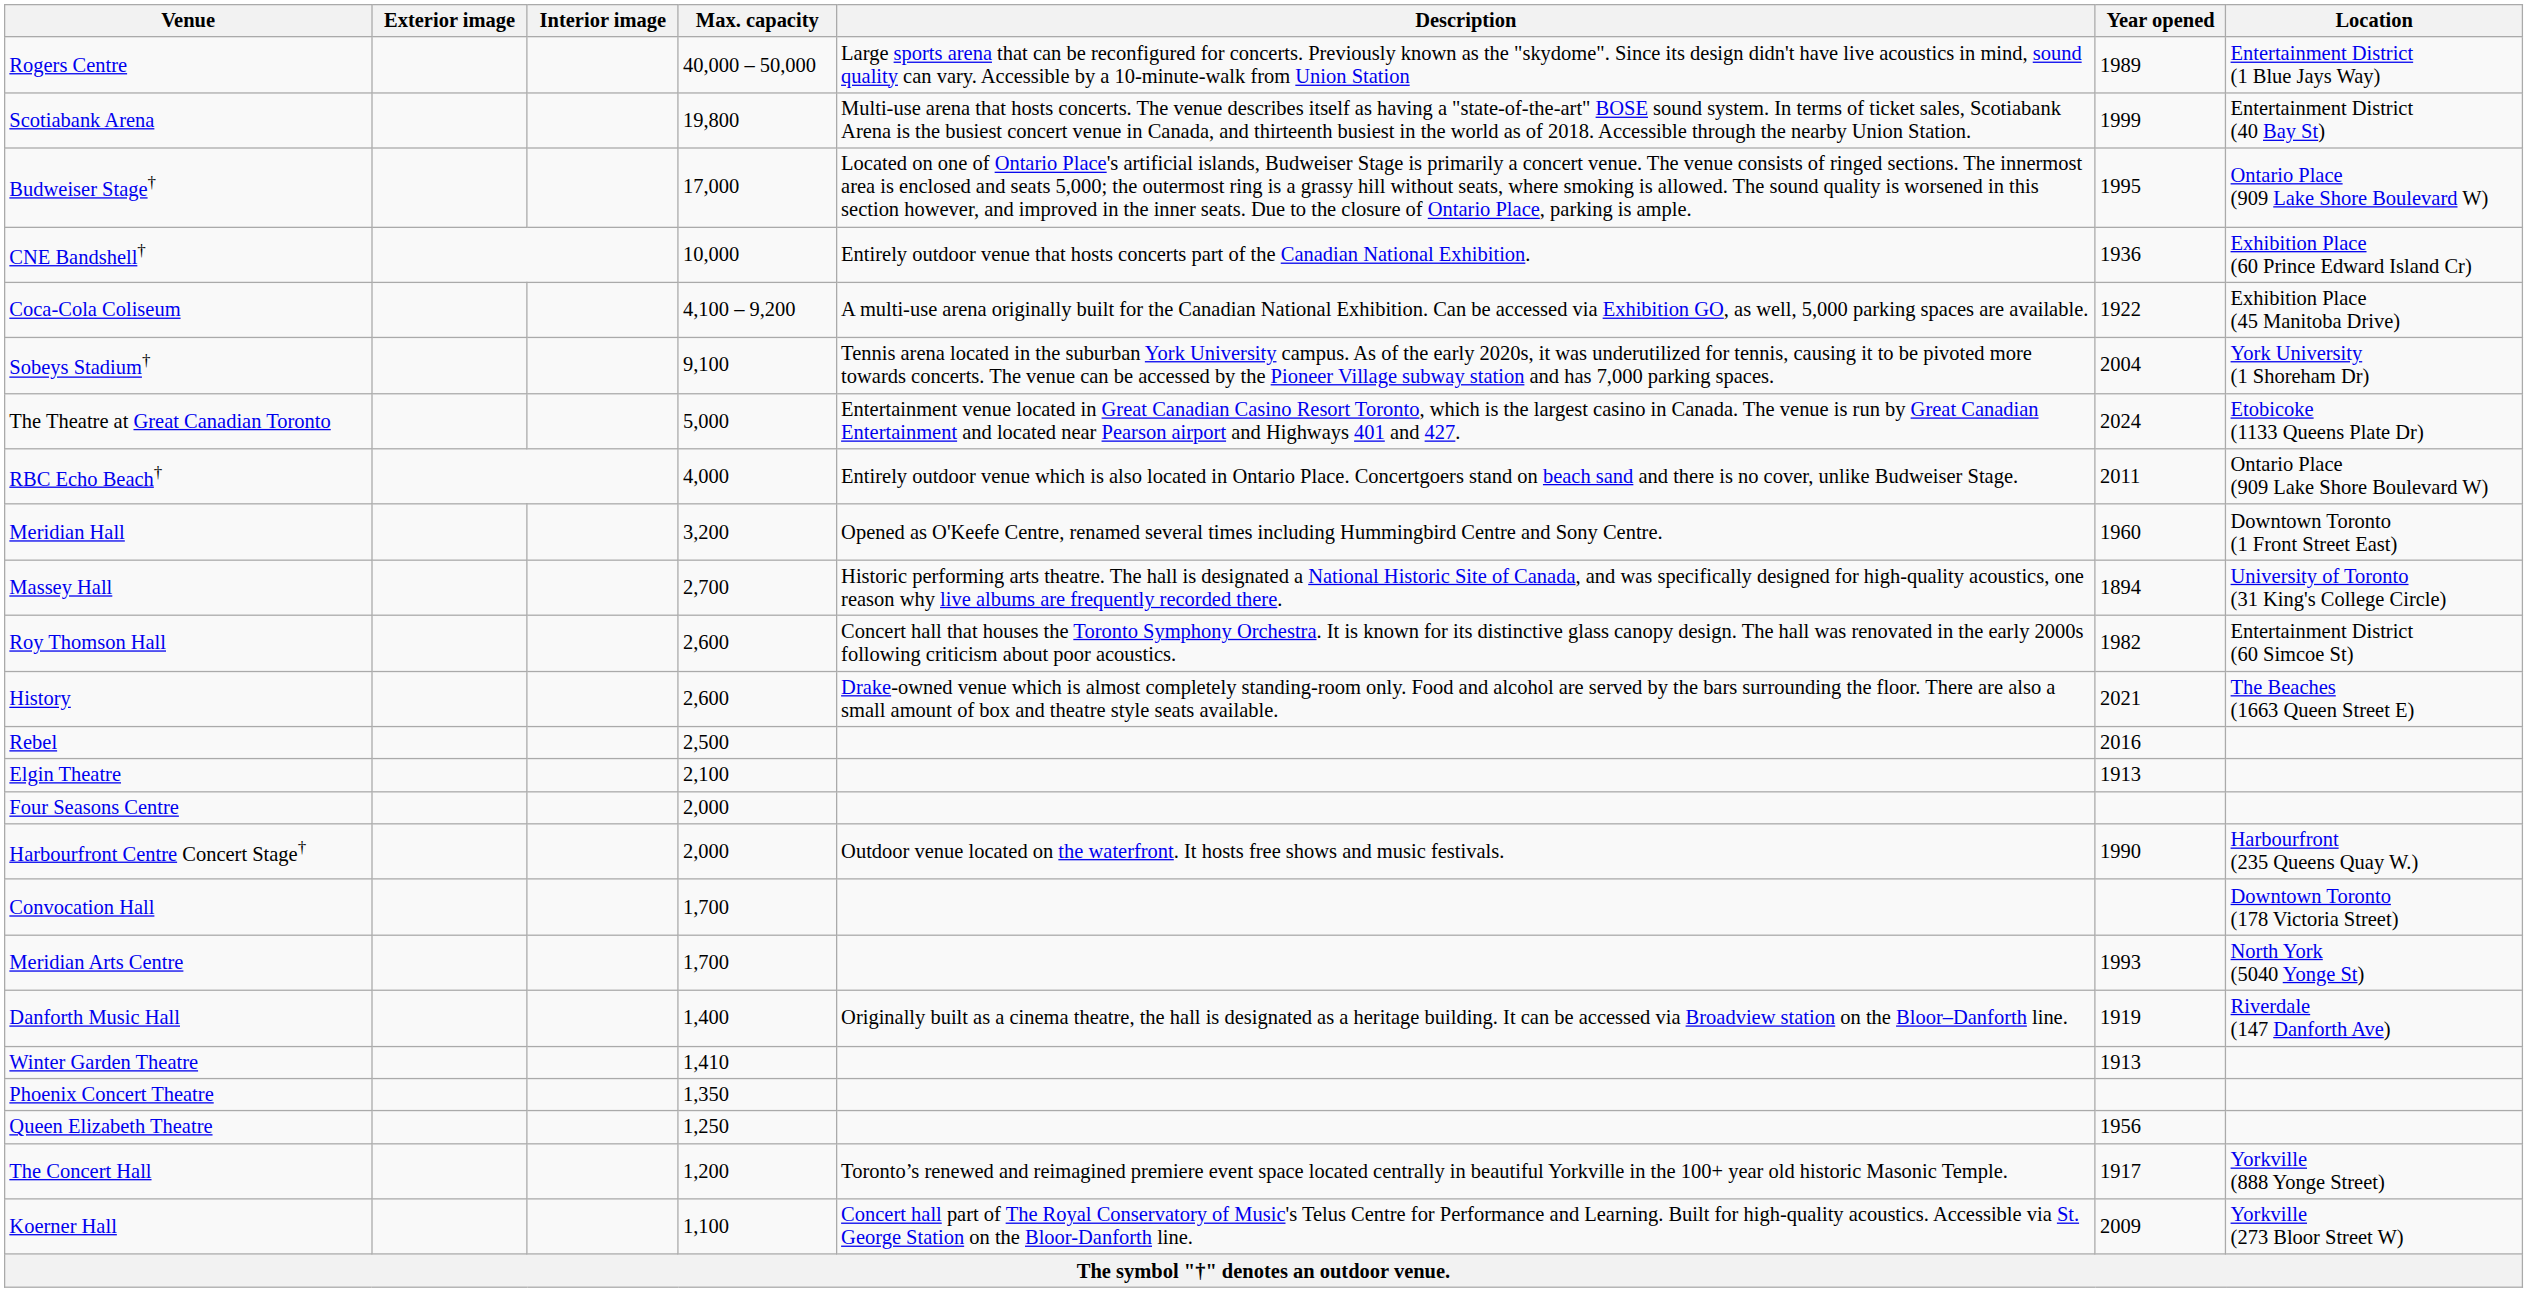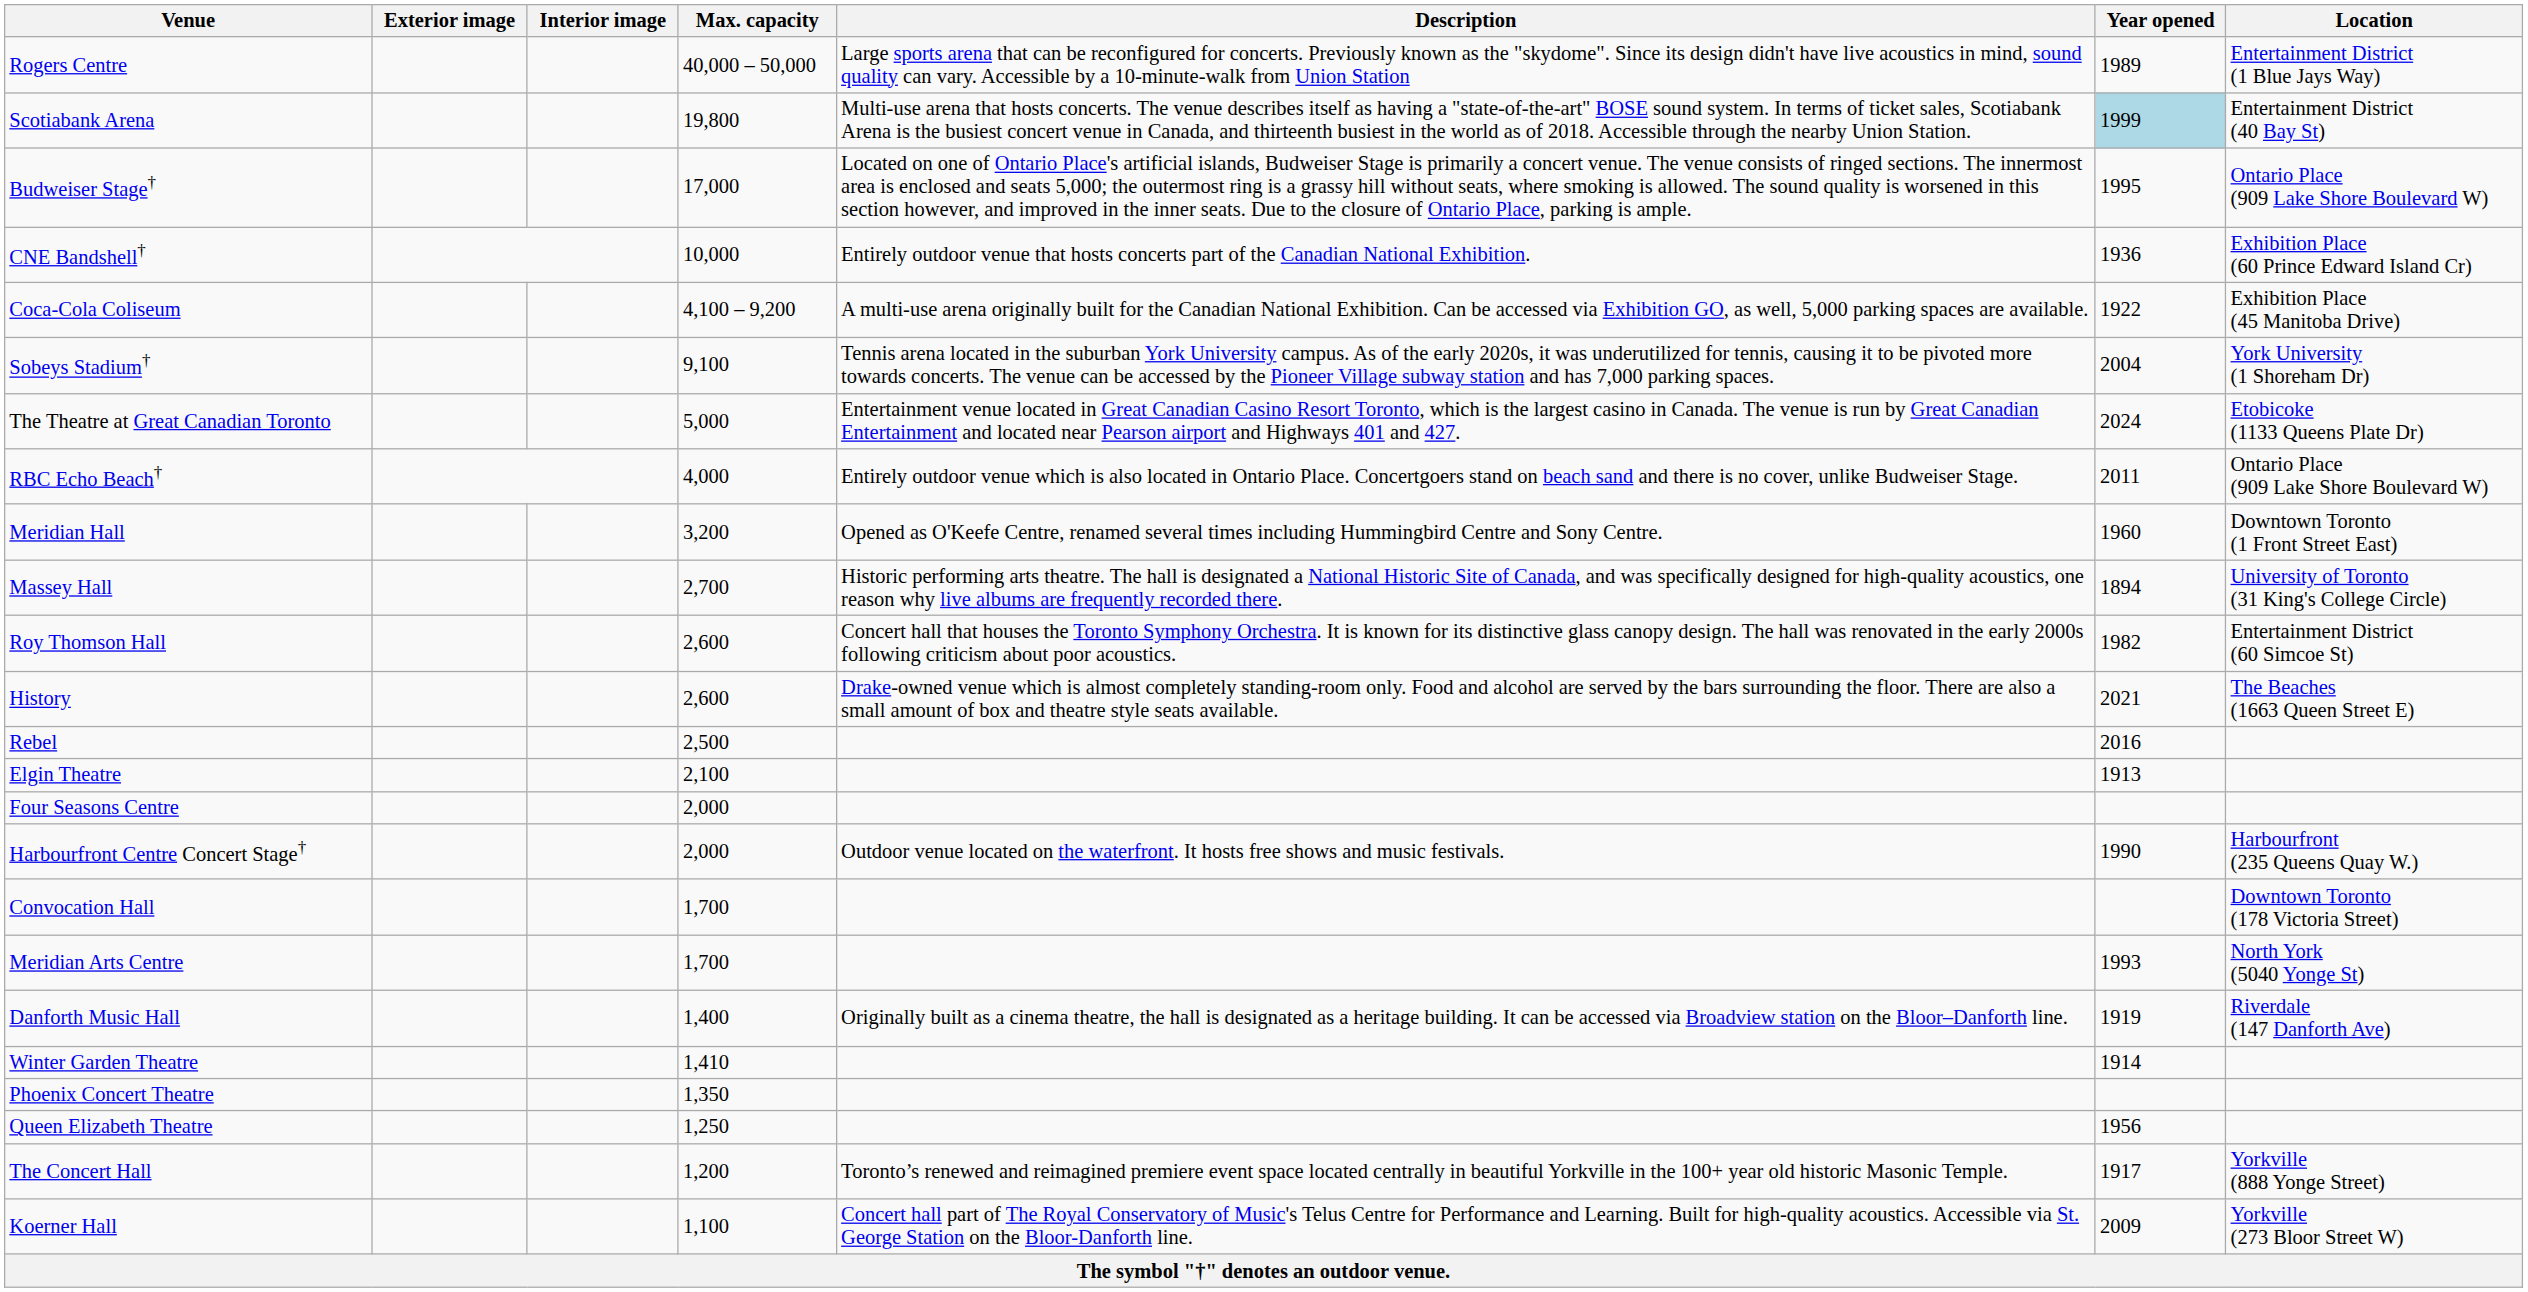 <table class="wikitable sortable">
 <tr>
 <th>Venue</th>
 <th class="unsortable">Exterior image</th>
 <th class="unsortable">Interior image</th>
 <th>Max. capacity</th>
 <th style="width: 50%;" class="unsortable">Description</th>
 <th>Year opened</th>
 <th>Location</th>
 </tr>
 <tr>
 <td><a href='#'>Rogers Centre</a></td>
 <td></td>
 <td></td>
 <td>40,000 – 50,000</td>
 <td>Large <a href='#'>sports arena</a> that can be reconfigured for concerts. Previously known as the "skydome". Since its design didn't have live acoustics in mind, <a href='#'>sound quality</a> can vary. Accessible by a 10-minute-walk from <a href='#'>Union Station</a></td>
 <td>1989</td>
 <td><a href='#'>Entertainment District</a><br>(1 Blue Jays Way)</td>
 </tr>
 <tr>
 <td><a href='#'>Scotiabank Arena</a></td>
 <td></td>
 <td></td>
 <td>19,800</td>
 <td>Multi-use arena that hosts concerts. The venue describes itself as having a "state-of-the-art" <a href='#'>BOSE</a> sound system. In terms of ticket sales, Scotiabank Arena is the busiest concert venue in Canada, and thirteenth busiest in the world as of 2018. Accessible through the nearby Union Station.</td>
-<td>1999</td>
+<td style="background: lightblue;">1999</td>
 <td>Entertainment District<br>(40 <a href='#'>Bay St</a>)</td>
 </tr>
 <tr>
 <td><a href='#'>Budweiser Stage</a><sup>†</sup></td>
 <td></td>
 <td></td>
 <td>17,000</td>
 <td>Located on one of <a href='#'>Ontario Place</a>'s artificial islands, Budweiser Stage is primarily a concert venue. The venue consists of ringed sections. The innermost area is enclosed and seats 5,000; the outermost ring is a grassy hill without seats, where smoking is allowed. The sound quality is worsened in this section however, and improved in the inner seats. Due to the closure of <a href='#'>Ontario Place</a>, parking is ample.</td>
 <td>1995</td>
 <td><a href='#'>Ontario Place</a><br>(909 <a href='#'>Lake Shore Boulevard</a> W)</td>
 </tr>
 <tr>
 <td><a href='#'>CNE Bandshell</a><sup>†</sup></td>
 <td colspan="2"></td>
 <td>10,000</td>
 <td>Entirely outdoor venue that hosts concerts part of the <a href='#'>Canadian National Exhibition</a>.</td>
 <td>1936</td>
 <td><a href='#'>Exhibition Place</a><br>(60 Prince Edward Island Cr)</td>
 </tr>
 <tr>
 <td><a href='#'>Coca-Cola Coliseum</a></td>
 <td></td>
 <td></td>
 <td>4,100 – 9,200</td>
 <td>A multi-use arena originally built for the Canadian National Exhibition. Can be accessed via <a href='#'>Exhibition GO</a>, as well, 5,000 parking spaces are available.</td>
 <td>1922</td>
 <td>Exhibition Place<br>(45 Manitoba Drive)</td>
 </tr>
 <tr>
 <td><a href='#'>Sobeys Stadium</a><sup>†</sup></td>
 <td></td>
 <td></td>
 <td>9,100</td>
 <td>Tennis arena located in the suburban <a href='#'>York University</a> campus. As of the early 2020s, it was underutilized for tennis, causing it to be pivoted more towards concerts. The venue can be accessed by the <a href='#'>Pioneer Village subway station</a> and has 7,000 parking spaces.</td>
 <td>2004</td>
 <td><a href='#'>York University</a><br>(1 Shoreham Dr)</td>
 </tr>
 <tr>
 <td>The Theatre at <a href='#'>Great Canadian Toronto</a></td>
 <td></td>
 <td></td>
 <td>5,000</td>
 <td>Entertainment venue located in <a href='#'>Great Canadian Casino Resort Toronto</a>, which is the largest casino in Canada. The venue is run by <a href='#'>Great Canadian Entertainment</a> and located near <a href='#'>Pearson airport</a> and Highways <a href='#'>401</a> and <a href='#'>427</a>.</td>
 <td>2024</td>
 <td><a href='#'>Etobicoke</a><br>(1133 Queens Plate Dr)</td>
 </tr>
 <tr>
 <td><a href='#'>RBC Echo Beach</a><sup>†</sup></td>
 <td colspan="2"></td>
 <td>4,000</td>
 <td>Entirely outdoor venue which is also located in Ontario Place. Concertgoers stand on <a href='#'>beach sand</a> and there is no cover, unlike Budweiser Stage.</td>
 <td>2011</td>
 <td>Ontario Place<br>(909 Lake Shore Boulevard W)</td>
 </tr>
 <tr>
 <td><a href='#'>Meridian Hall</a></td>
 <td></td>
 <td></td>
 <td>3,200</td>
 <td>Opened as O'Keefe Centre, renamed several times including Hummingbird Centre and Sony Centre.</td>
 <td>1960</td>
 <td>Downtown Toronto<br>(1 Front Street East)</td>
 </tr>
 <tr>
 <td><a href='#'>Massey Hall</a></td>
 <td></td>
 <td></td>
 <td>2,700</td>
 <td>Historic performing arts theatre. The hall is designated a <a href='#'>National Historic Site of Canada</a>, and was specifically designed for high-quality acoustics, one reason why <a href='#'>live albums are frequently recorded there</a>.</td>
 <td>1894</td>
 <td><a href='#'>University of Toronto</a><br>(31 King's College Circle)</td>
 </tr>
 <tr>
 <td><a href='#'>Roy Thomson Hall</a></td>
 <td></td>
 <td></td>
 <td>2,600</td>
 <td>Concert hall that houses the <a href='#'>Toronto Symphony Orchestra</a>. It is known for its distinctive glass canopy design. The hall was renovated in the early 2000s following criticism about poor acoustics.</td>
 <td>1982</td>
 <td>Entertainment District<br>(60 Simcoe St)</td>
 </tr>
 <tr>
 <td><a href='#'>History</a></td>
 <td></td>
 <td></td>
 <td>2,600</td>
 <td><a href='#'>Drake</a>-owned venue which is almost completely standing-room only. Food and alcohol are served by the bars surrounding the floor. There are also a small amount of box and theatre style seats available.</td>
 <td>2021</td>
 <td><a href='#'>The Beaches</a><br>(1663 Queen Street E)</td>
 </tr>
 <tr>
 <td><a href='#'>Rebel</a></td>
 <td></td>
 <td></td>
 <td>2,500</td>
 <td></td>
 <td>2016</td>
 <td></td>
 </tr>
 <tr>
 <td><a href='#'>Elgin Theatre</a></td>
 <td></td>
 <td></td>
 <td>2,100</td>
 <td></td>
 <td>1913</td>
 <td></td>
 </tr>
 <tr>
 <td><a href='#'>Four Seasons Centre</a></td>
 <td></td>
 <td></td>
 <td>2,000</td>
 <td></td>
 <td></td>
 <td></td>
 </tr>
 <tr>
 <td><a href='#'>Harbourfront Centre</a> Concert Stage<sup>†</sup></td>
 <td></td>
 <td></td>
 <td>2,000</td>
 <td>Outdoor venue located on <a href='#'>the waterfront</a>. It hosts free shows and music festivals.</td>
 <td>1990</td>
 <td><a href='#'>Harbourfront</a><br>(235 Queens Quay W.)</td>
 </tr>
 <tr>
 <td><a href='#'>Convocation Hall</a></td>
 <td></td>
 <td></td>
 <td>1,700</td>
 <td></td>
 <td></td>
 <td><a href='#'>Downtown Toronto</a><br>(178 Victoria Street)</td>
 </tr>
 <tr>
 <td><a href='#'>Meridian Arts Centre</a></td>
 <td></td>
 <td></td>
 <td>1,700</td>
 <td></td>
 <td>1993</td>
 <td><a href='#'>North York</a><br>(5040 <a href='#'>Yonge St</a>)</td>
 </tr>
 <tr>
 <td><a href='#'>Danforth Music Hall</a></td>
 <td></td>
 <td></td>
 <td>1,400</td>
 <td>Originally built as a cinema theatre, the hall is designated as a heritage building. It can be accessed via <a href='#'>Broadview station</a> on the <a href='#'>Bloor–Danforth</a> line.</td>
 <td>1919</td>
 <td><a href='#'>Riverdale</a><br>(147 <a href='#'>Danforth Ave</a>)</td>
 </tr>
 <tr>
 <td><a href='#'>Winter Garden Theatre</a></td>
 <td></td>
 <td></td>
 <td>1,410</td>
 <td></td>
-<td>1913</td>
+<td>1914</td>
 <td></td>
 </tr>
 <tr>
 <td><a href='#'>Phoenix Concert Theatre</a></td>
 <td></td>
 <td></td>
 <td>1,350</td>
 <td></td>
 <td></td>
 <td></td>
 </tr>
 <tr>
 <td><a href='#'>Queen Elizabeth Theatre</a></td>
 <td></td>
 <td></td>
 <td>1,250</td>
 <td></td>
 <td>1956</td>
 <td></td>
 </tr>
 <tr>
 <td><a href='#'>The Concert Hall</a></td>
 <td></td>
 <td></td>
 <td>1,200</td>
 <td>Toronto’s renewed and reimagined premiere event space located centrally in beautiful Yorkville in the 100+ year old historic Masonic Temple.</td>
 <td>1917</td>
 <td><a href='#'>Yorkville</a><br>(888 Yonge Street)</td>
 </tr>
 <tr>
 <td><a href='#'>Koerner Hall</a></td>
 <td></td>
 <td></td>
 <td>1,100</td>
 <td><a href='#'>Concert hall</a> part of <a href='#'>The Royal Conservatory of Music</a>'s Telus Centre for Performance and Learning. Built for high-quality acoustics. Accessible via <a href='#'>St. George Station</a> on the <a href='#'>Bloor-Danforth</a> line.</td>
 <td>2009</td>
 <td><a href='#'>Yorkville</a><br>(273 Bloor Street W)</td>
 </tr>
 <tr>
 <th scope=col colspan="7" style="text-align:center;">The symbol "†" denotes an outdoor venue.</th>
 </tr>
 </table>
